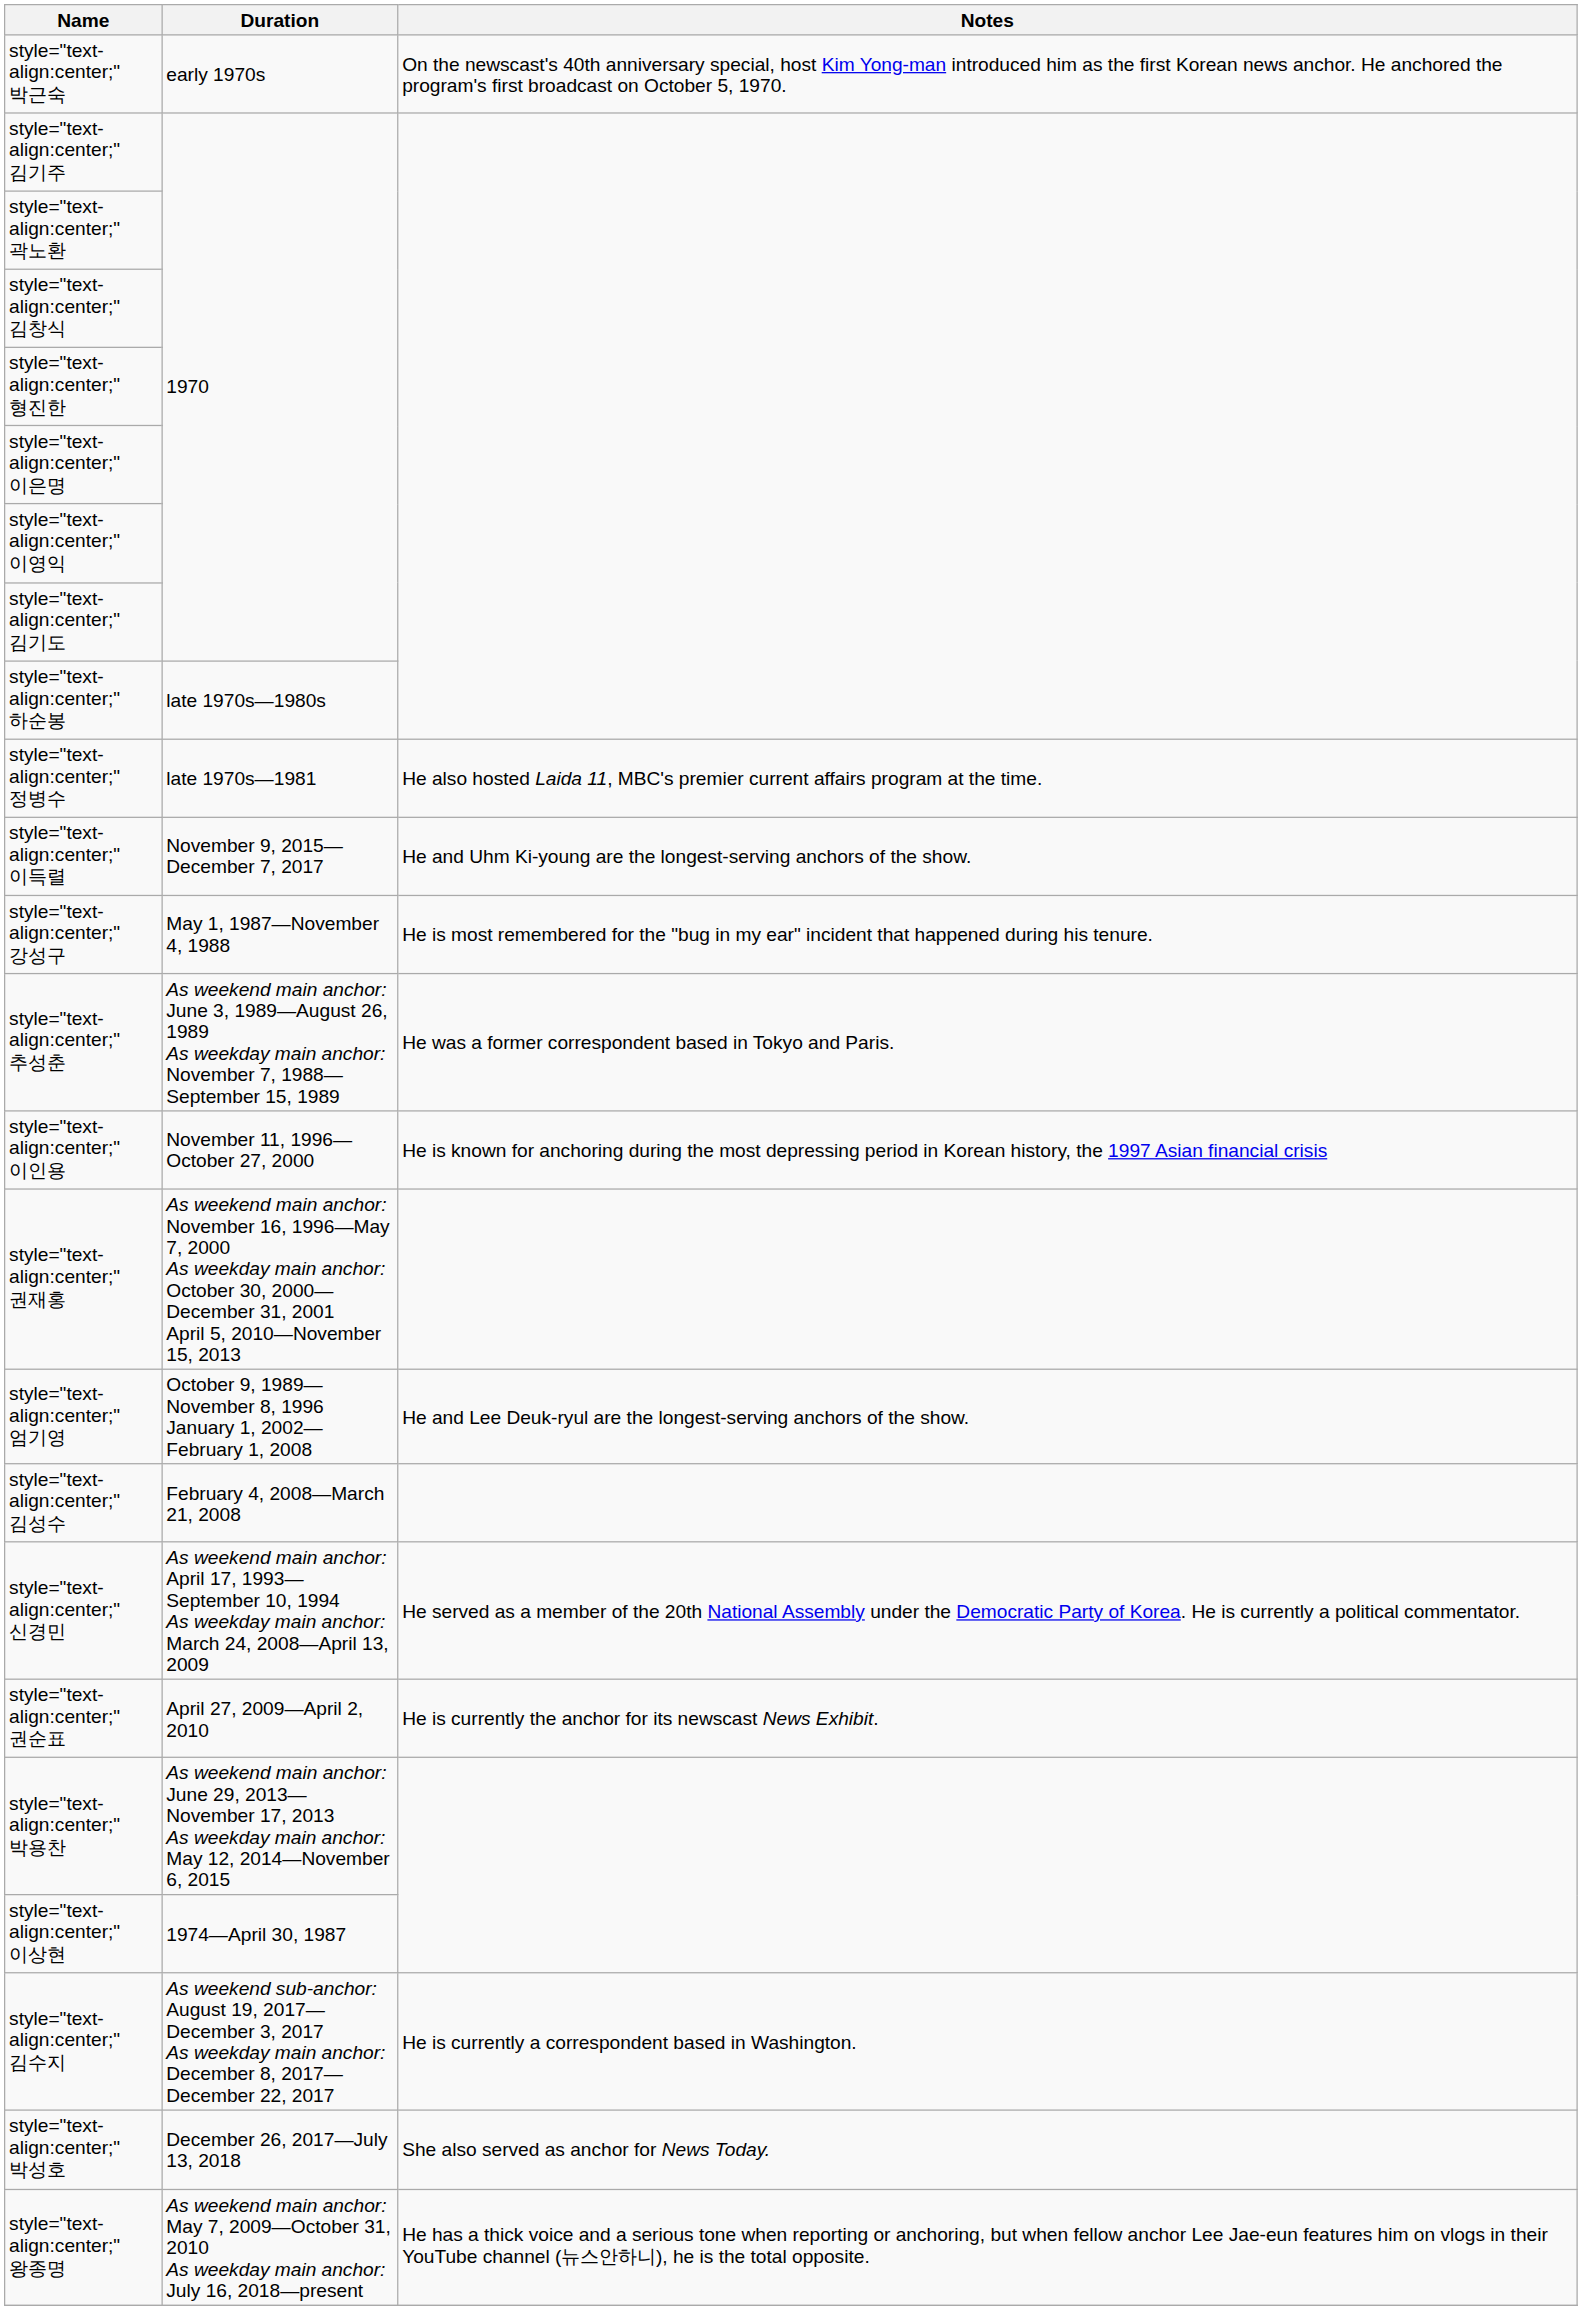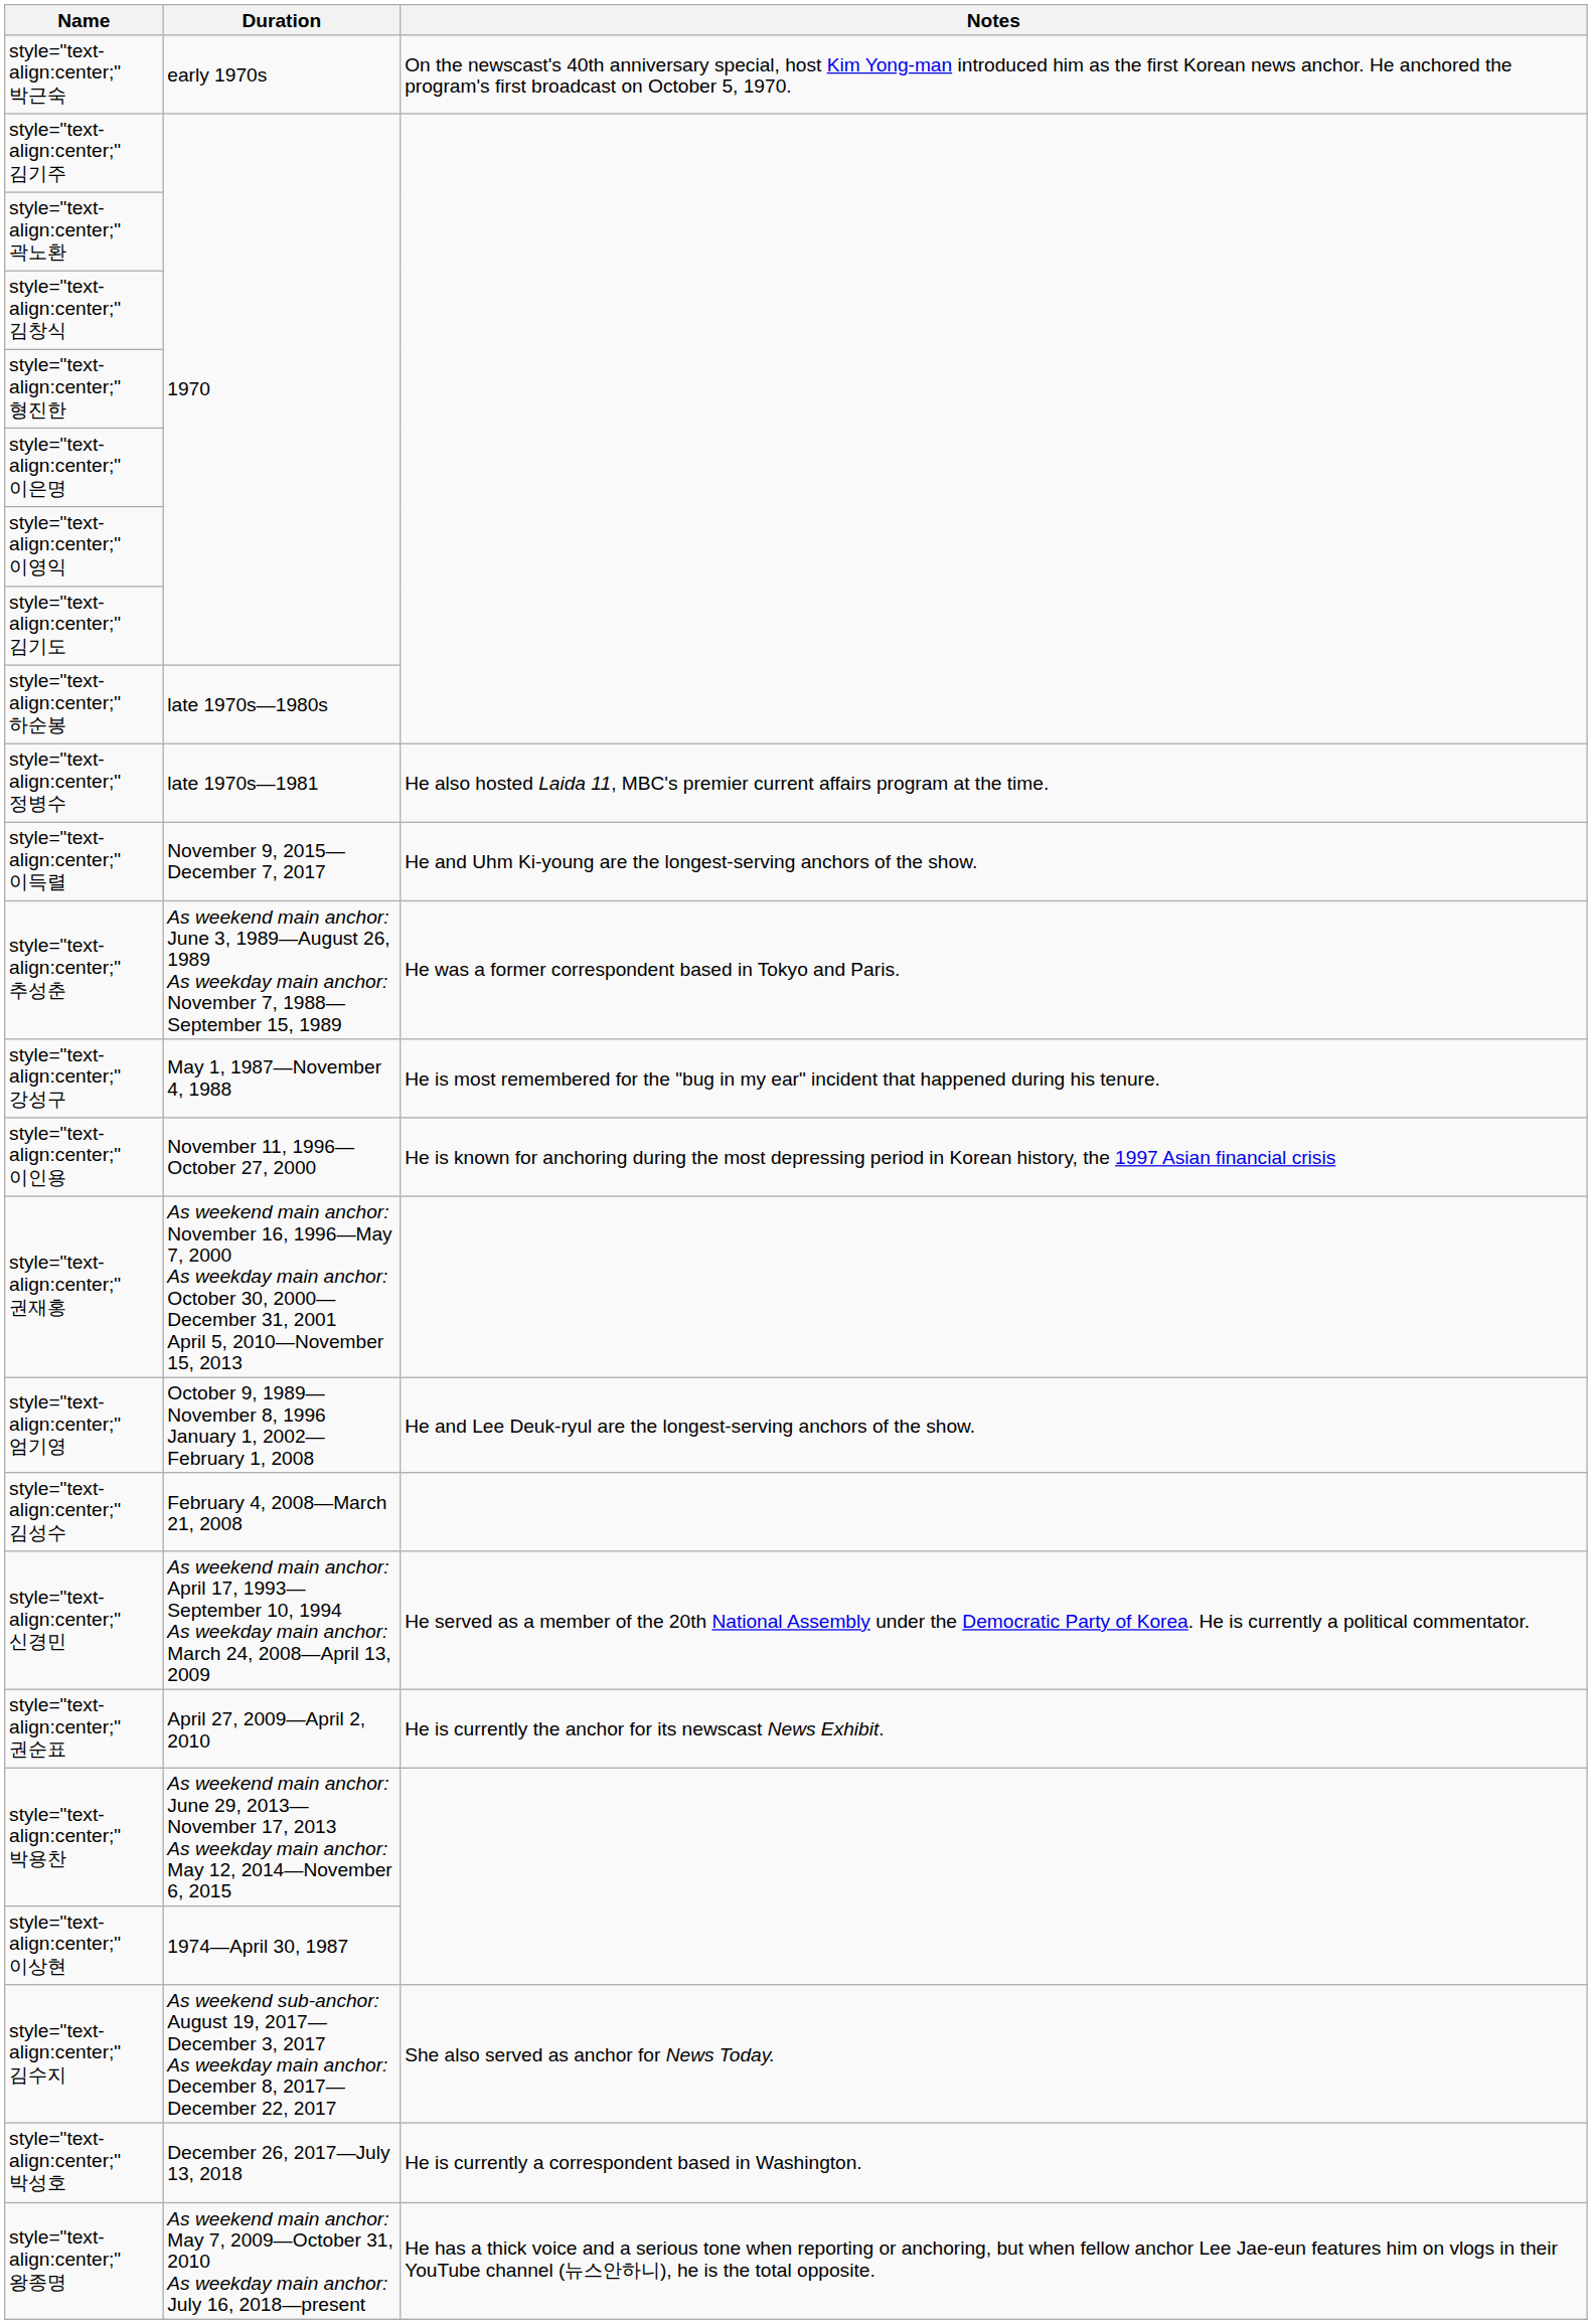 <table class="wikitable" style="font-size:95%">
 <tr>
 <th style="width:10%; text-align:center;">Name</th>
 <th style="width:15%; text-align:center;">Duration</th>
 <th>Notes</th>
 </tr>
 <tr>
 <td>style="text-align:center;" <br>박근숙</td>
 <td>early 1970s</td>
 <td>On the newscast's 40th anniversary special, host <a href='#'>Kim Yong-man</a> introduced him as the first Korean news anchor. He anchored the program's first broadcast on October 5, 1970.</td>
 </tr>
 <tr>
 <td>style="text-align:center;" <br>김기주</td>
 <td rowspan="7">1970</td>
 <td rowspan="8"></td>
 </tr>
 <tr>
 <td>style="text-align:center;" <br>곽노환</td>
 </tr>
 <tr>
 <td>style="text-align:center;" <br>김창식</td>
 </tr>
 <tr>
 <td>style="text-align:center;" <br>형진한</td>
 </tr>
 <tr>
 <td>style="text-align:center;" <br>이은명</td>
 </tr>
 <tr>
 <td>style="text-align:center;" <br>이영익</td>
 </tr>
 <tr>
 <td>style="text-align:center;" <br>김기도</td>
 </tr>
 <tr>
 <td>style="text-align:center;" <br>하순봉</td>
 <td>late 1970s—1980s</td>
 </tr>
 <tr>
 <td>style="text-align:center;" <br>정병수</td>
 <td>late 1970s—1981</td>
 <td>He also hosted <em>Laida 11</em>, MBC's premier current affairs program at the time.</td>
 </tr>
 <tr>
 <td>style="text-align:center;" <br>이득렬</td>
 <td>November 9, 2015—December 7, 2017</td>
 <td>He and Uhm Ki-young are the longest-serving anchors of the show.</td>
 </tr>
 <tr>
+<td>style="text-align:center;" <br>추성춘</td>
+<td><em>As weekend main anchor:</em><br>June 3, 1989—August 26, 1989<br><em>As weekday main anchor:</em><br>November 7, 1988—September 15, 1989</td>
+<td>He was a former correspondent based in Tokyo and Paris.</td>
+</tr>
+<tr>
 <td>style="text-align:center;" <br>강성구</td>
 <td>May 1, 1987—November 4, 1988</td>
 <td>He is most remembered for the "bug in my ear" incident that happened during his tenure.</td>
-</tr>
-<tr>
-<td>style="text-align:center;" <br>추성춘</td>
-<td><em>As weekend main anchor:</em><br>June 3, 1989—August 26, 1989<br><em>As weekday main anchor:</em><br>November 7, 1988—September 15, 1989</td>
-<td>He was a former correspondent based in Tokyo and Paris.</td>
 </tr>
 <tr>
 <td>style="text-align:center;" <br>이인용</td>
 <td>November 11, 1996—October 27, 2000</td>
 <td>He is known for anchoring during the most depressing period in Korean history, the <a href='#'>1997 Asian financial crisis</a></td>
 </tr>
 <tr>
 <td>style="text-align:center;" <br>권재홍</td>
 <td><em>As weekend main anchor:</em> November 16, 1996—May 7, 2000<br><em>As weekday main anchor:</em> October 30, 2000—December 31, 2001<br>April 5, 2010—November 15, 2013</td>
 <td></td>
 </tr>
 <tr>
 <td>style="text-align:center;" <br>엄기영</td>
 <td>October 9, 1989—November 8, 1996<br>January 1, 2002—February 1, 2008</td>
 <td>He and Lee Deuk-ryul are the longest-serving anchors of the show.</td>
 </tr>
 <tr>
 <td>style="text-align:center;" <br>김성수</td>
 <td>February 4, 2008—March 21, 2008</td>
 <td></td>
 </tr>
 <tr>
 <td>style="text-align:center;" <br>신경민</td>
 <td><em>As weekend main anchor:</em> April 17, 1993—September 10, 1994<br><em>As weekday main anchor:</em> March 24, 2008—April 13, 2009</td>
 <td>He served as a member of the 20th <a href='#'>National Assembly</a> under the <a href='#'>Democratic Party of Korea</a>. He is currently a political commentator.</td>
 </tr>
 <tr>
 <td>style="text-align:center;" <br>권순표</td>
 <td>April 27, 2009—April 2, 2010</td>
 <td>He is currently the anchor for its newscast <em>News Exhibit</em>.</td>
 </tr>
 <tr>
 <td>style="text-align:center;" <br>박용찬</td>
 <td><em>As weekend main anchor:</em> June 29, 2013—November 17, 2013<br><em>As weekday main anchor:</em> May 12, 2014—November 6, 2015</td>
 <td rowspan="2"></td>
 </tr>
 <tr>
 <td>style="text-align:center;" <br>이상현</td>
 <td>1974—April 30, 1987</td>
 </tr>
 <tr>
 <td>style="text-align:center;" <br>김수지</td>
 <td><em>As weekend sub-anchor:</em> August 19, 2017—December 3, 2017<br><em>As weekday main anchor:</em> December 8, 2017—December 22, 2017</td>
-<td>He is currently a correspondent based in Washington.</td>
+<td>She also served as anchor for <em>News Today.</em></td>
 </tr>
 <tr>
 <td>style="text-align:center;" <br>박성호</td>
 <td>December 26, 2017—July 13, 2018</td>
-<td>She also served as anchor for <em>News Today.</em></td>
+<td>He is currently a correspondent based in Washington.</td>
 </tr>
 <tr>
 <td>style="text-align:center;" <br>왕종명</td>
 <td><em>As weekend main anchor:</em> May 7, 2009—October 31, 2010<br><em>As weekday main anchor:</em> July 16, 2018—present</td>
 <td>He has a thick voice and a serious tone when reporting or anchoring, but when fellow anchor Lee Jae-eun features him on vlogs in their YouTube channel <em></em> (뉴스안하니), he is the total opposite.</td>
 </tr>
 <tr>
 </tr>
 </table>
